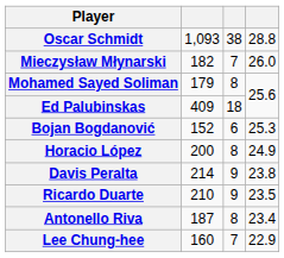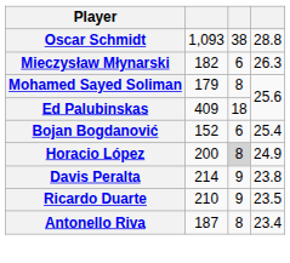 <table class="wikitable sortable plainrowheaders" style="text-align:center; display:inline-table;">
 <tr>
 <th scope="col">Player</th>
 <th scope="col"></th>
 <th scope="col"></th>
 <th scope="col"></th>
 </tr>
 <tr>
 <th scope="row"> <a href='#'>Oscar Schmidt</a></th>
 <td>1,093</td>
 <td>38</td>
 <td>28.8</td>
 </tr>
 <tr>
 <th scope="row"> <a href='#'>Mieczysław Młynarski</a></th>
 <td>182</td>
-<td>7</td>
-<td>26.0</td>
+<td>6</td>
+<td>26.3</td>
 </tr>
 <tr>
 <th scope="row"> <a href='#'>Mohamed Sayed Soliman</a></th>
 <td>179</td>
 <td>8</td>
 <td rowspan="2">25.6</td>
 </tr>
 <tr>
 <th scope="row"> <a href='#'>Ed Palubinskas</a></th>
 <td>409</td>
 <td>18</td>
 </tr>
 <tr>
 <th scope="row"> <a href='#'>Bojan Bogdanović</a></th>
 <td>152</td>
 <td>6</td>
-<td>25.3</td>
+<td>25.4</td>
 </tr>
 <tr>
 <th scope="row"> <a href='#'>Horacio López</a></th>
 <td>200</td>
-<td>8</td>
+<td style="background: lightgrey;">8</td>
 <td>24.9</td>
 </tr>
 <tr>
 <th scope="row"> <a href='#'>Davis Peralta</a></th>
 <td>214</td>
 <td>9</td>
 <td>23.8</td>
 </tr>
 <tr>
 <th scope="row"> <a href='#'>Ricardo Duarte</a></th>
 <td>210</td>
 <td>9</td>
 <td>23.5</td>
 </tr>
 <tr>
 <th scope="row"> <a href='#'>Antonello Riva</a></th>
 <td>187</td>
 <td>8</td>
 <td>23.4</td>
 </tr>
-<tr>
-<th scope="row"> <a href='#'>Lee Chung-hee</a></th>
-<td>160</td>
-<td>7</td>
-<td>22.9</td>
-</tr>
 </table>
